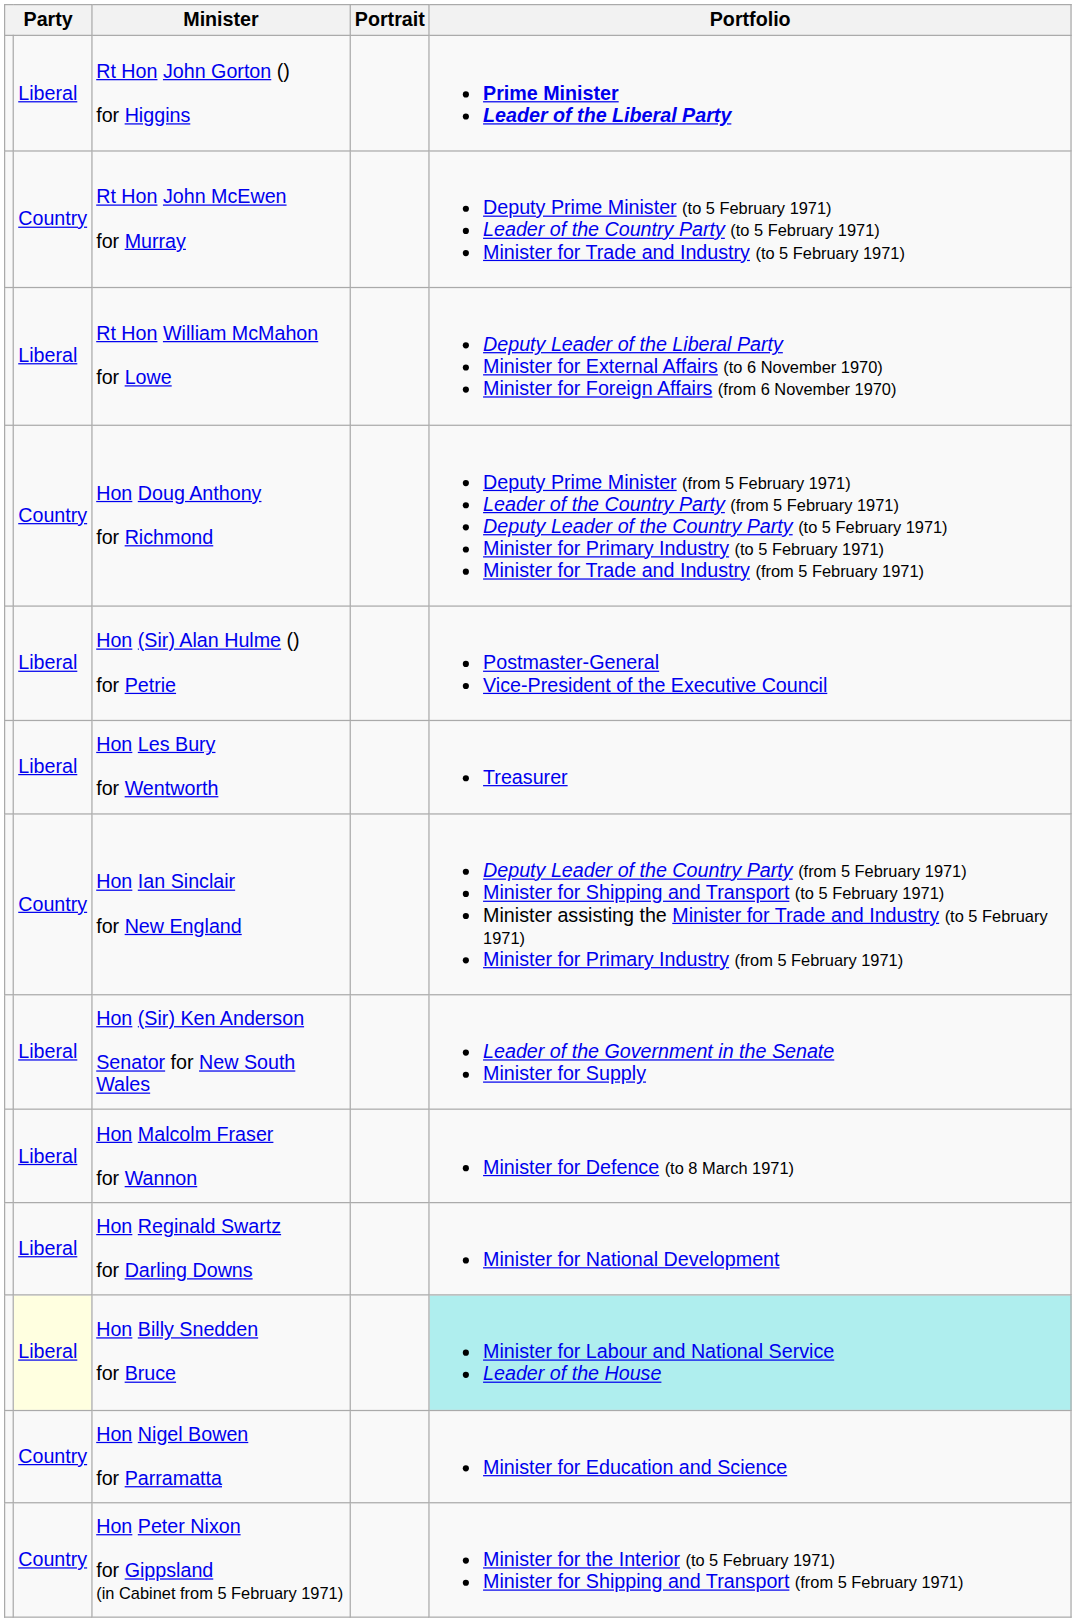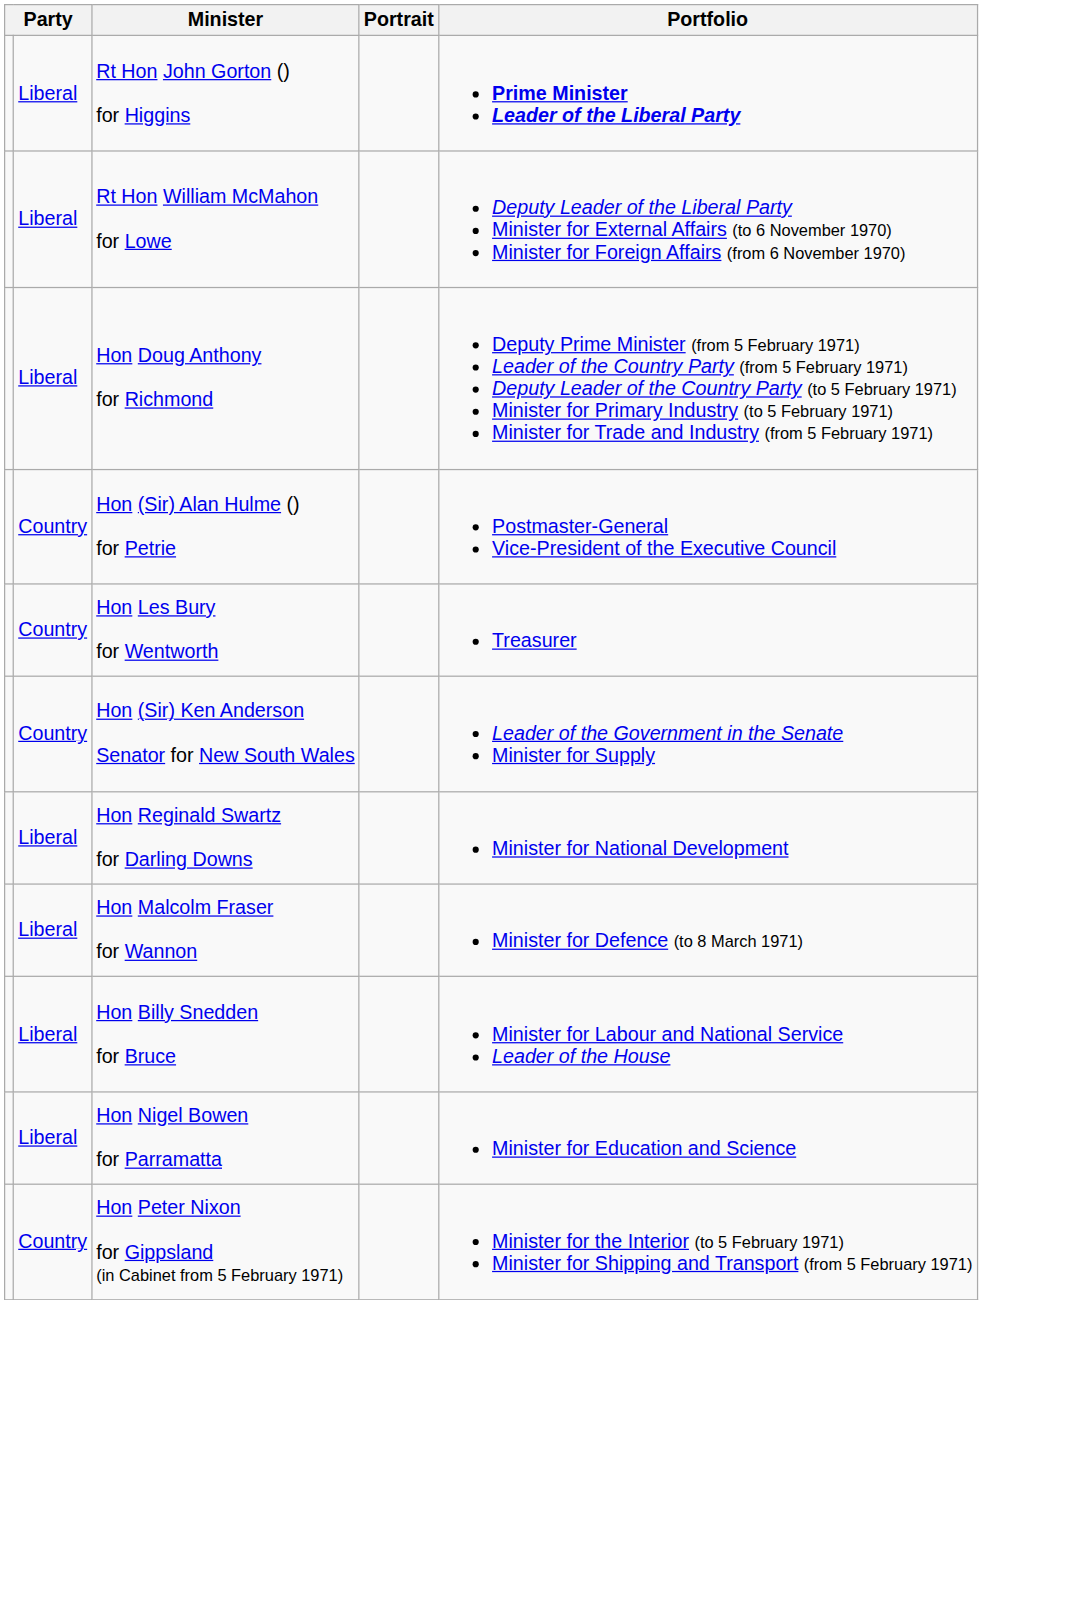 <table class="wikitable sortable">
 <tr>
 <th colspan="2">Party</th>
 <th>Minister</th>
 <th>Portrait</th>
 <th>Portfolio</th>
 </tr>
 <tr>
 <td></td>
 <td><a href='#'>Liberal</a></td>
 <td><a href='#'>Rt Hon</a> <a href='#'>John Gorton</a> () <br><br> for <a href='#'>Higgins</a> <br></td>
 <td></td>
 <td><strong><br><ul><li><a href='#'>Prime Minister</a></li><li><em><a href='#'>Leader of the Liberal Party</a></em></li></ul></strong></td>
 </tr>
 <tr>
 <td></td>
-<td><a href='#'>Country</a></td>
-<td><a href='#'>Rt Hon</a> <a href='#'>John McEwen</a>  <br><br> for <a href='#'>Murray</a> <br></td>
-<td></td>
-<td><br><ul><li><a href='#'>Deputy Prime Minister</a> <small>(to 5 February 1971)</small></li><li><em><a href='#'>Leader of the Country Party</a></em> <small>(to 5 February 1971)</small></li><li><a href='#'>Minister for Trade and Industry</a> <small>(to 5 February 1971)</small></li></ul></td>
-</tr>
-<tr>
-<td></td>
 <td><a href='#'>Liberal</a></td>
 <td><a href='#'>Rt Hon</a> <a href='#'>William McMahon</a> <br><br> for <a href='#'>Lowe</a> <br></td>
 <td></td>
 <td><br><ul><li><em><a href='#'>Deputy Leader of the Liberal Party</a></em></li><li><a href='#'>Minister for External Affairs</a> <small>(to 6 November 1970)</small></li><li><a href='#'>Minister for Foreign Affairs</a> <small>(from 6 November 1970)</small></li></ul></td>
 </tr>
 <tr>
 <td></td>
-<td><a href='#'>Country</a></td>
+<td><a href='#'>Liberal</a></td>
 <td><a href='#'>Hon</a> <a href='#'>Doug Anthony</a> <br><br> for <a href='#'>Richmond</a> <br></td>
 <td></td>
 <td><br><ul><li><a href='#'>Deputy Prime Minister</a> <small>(from 5 February 1971)</small></li><li><em><a href='#'>Leader of the Country Party</a></em> <small>(from 5 February 1971)</small></li><li><em><a href='#'>Deputy Leader of the Country Party</a></em> <small>(to 5 February 1971)</small></li><li><a href='#'>Minister for Primary Industry</a> <small>(to 5 February 1971)</small></li><li><a href='#'>Minister for Trade and Industry</a> <small>(from 5 February 1971)</small></li></ul></td>
 </tr>
 <tr>
 <td></td>
-<td><a href='#'>Liberal</a></td>
+<td><a href='#'>Country</a></td>
 <td><a href='#'>Hon</a> <a href='#'>(Sir) Alan Hulme</a> () <br><br> for <a href='#'>Petrie</a> <br></td>
 <td></td>
 <td><br><ul><li><a href='#'>Postmaster-General</a></li><li><a href='#'>Vice-President of the Executive Council</a></li></ul></td>
 </tr>
 <tr>
 <td></td>
-<td><a href='#'>Liberal</a></td>
+<td><a href='#'>Country</a></td>
 <td><a href='#'>Hon</a> <a href='#'>Les Bury</a> <br><br> for <a href='#'>Wentworth</a> <br></td>
 <td></td>
 <td><br><ul><li><a href='#'>Treasurer</a></li></ul></td>
 </tr>
 <tr>
 <td></td>
 <td><a href='#'>Country</a></td>
-<td><a href='#'>Hon</a> <a href='#'>Ian Sinclair</a> <br><br> for <a href='#'>New England</a> <br></td>
+<td><a href='#'>Hon</a> <a href='#'>(Sir) Ken Anderson</a> <br><br><a href='#'>Senator</a> for <a href='#'>New South Wales</a> <br></td>
 <td></td>
-<td><br><ul><li><em><a href='#'>Deputy Leader of the Country Party</a></em> <small>(from 5 February 1971)</small></li><li><a href='#'>Minister for Shipping and Transport</a> <small>(to 5 February 1971)</small></li><li>Minister assisting the <a href='#'>Minister for Trade and Industry</a> <small>(to 5 February 1971)</small></li><li><a href='#'>Minister for Primary Industry</a> <small>(from 5 February 1971)</small></li></ul></td>
+<td><br><ul><li><em><a href='#'>Leader of the Government in the Senate</a></em></li><li><a href='#'>Minister for Supply</a></li></ul></td>
 </tr>
 <tr>
 <td></td>
 <td><a href='#'>Liberal</a></td>
-<td><a href='#'>Hon</a> <a href='#'>(Sir) Ken Anderson</a> <br><br><a href='#'>Senator</a> for <a href='#'>New South Wales</a> <br></td>
+<td><a href='#'>Hon</a> <a href='#'>Reginald Swartz</a>  <br><br> for <a href='#'>Darling Downs</a> <br></td>
 <td></td>
-<td><br><ul><li><em><a href='#'>Leader of the Government in the Senate</a></em></li><li><a href='#'>Minister for Supply</a></li></ul></td>
+<td><br><ul><li><a href='#'>Minister for National Development</a></li></ul></td>
 </tr>
 <tr>
 <td></td>
 <td><a href='#'>Liberal</a></td>
 <td><a href='#'>Hon</a> <a href='#'>Malcolm Fraser</a> <br><br> for <a href='#'>Wannon</a> <br></td>
 <td></td>
 <td><br><ul><li><a href='#'>Minister for Defence</a> <small>(to 8 March 1971)</small></li></ul></td>
 </tr>
 <tr>
 <td></td>
 <td><a href='#'>Liberal</a></td>
-<td><a href='#'>Hon</a> <a href='#'>Reginald Swartz</a>  <br><br> for <a href='#'>Darling Downs</a> <br></td>
+<td><a href='#'>Hon</a> <a href='#'>Billy Snedden</a>  <br><br> for <a href='#'>Bruce</a> <br></td>
 <td></td>
-<td><br><ul><li><a href='#'>Minister for National Development</a></li></ul></td>
+<td><br><ul><li><a href='#'>Minister for Labour and National Service</a></li><li><em><a href='#'>Leader of the House</a></em></li></ul></td>
 </tr>
 <tr>
 <td></td>
-<td style="background: lightyellow;"><a href='#'>Liberal</a></td>
-<td><a href='#'>Hon</a> <a href='#'>Billy Snedden</a>  <br><br> for <a href='#'>Bruce</a> <br></td>
-<td></td>
-<td style="background: paleturquoise;"><br><ul><li><a href='#'>Minister for Labour and National Service</a></li><li><em><a href='#'>Leader of the House</a></em></li></ul></td>
-</tr>
-<tr>
-<td></td>
-<td><a href='#'>Country</a></td>
+<td><a href='#'>Liberal</a></td>
 <td><a href='#'>Hon</a> <a href='#'>Nigel Bowen</a>  <br><br> for <a href='#'>Parramatta</a> <br></td>
 <td></td>
 <td><br><ul><li><a href='#'>Minister for Education and Science</a></li></ul></td>
 </tr>
 <tr>
 <td></td>
 <td><a href='#'>Country</a></td>
 <td><a href='#'>Hon</a> <a href='#'>Peter Nixon</a> <br><br> for <a href='#'>Gippsland</a> <br>  <small>(in Cabinet from 5 February 1971)</small></td>
 <td></td>
 <td><br><ul><li><a href='#'>Minister for the Interior</a> <small>(to 5 February 1971)</small></li><li><a href='#'>Minister for Shipping and Transport</a> <small>(from 5 February 1971)</small></li></ul></td>
 </tr>
 </table>
